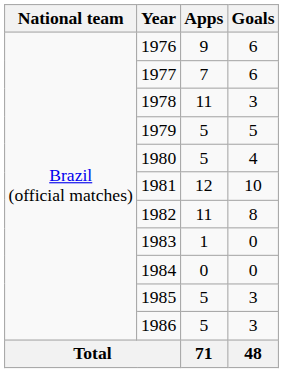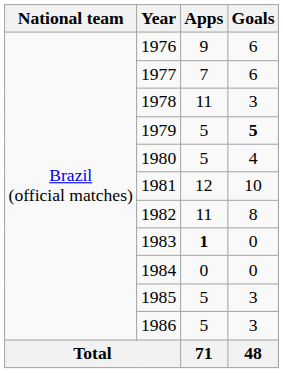 <table class="wikitable" style="text-align:center">
 <tr>
 <th>National team</th>
 <th>Year</th>
 <th>Apps</th>
 <th>Goals</th>
 </tr>
 <tr>
 <td rowspan="11"><a href='#'>Brazil</a><br>(official matches)</td>
 <td>1976</td>
 <td>9</td>
 <td>6</td>
 </tr>
 <tr>
 <td>1977</td>
 <td>7</td>
 <td>6</td>
 </tr>
 <tr>
 <td>1978</td>
 <td>11</td>
 <td>3</td>
 </tr>
 <tr>
 <td>1979</td>
 <td>5</td>
-<td>5</td>
+<td><strong>5</strong></td>
 </tr>
 <tr>
 <td>1980</td>
 <td>5</td>
 <td>4</td>
 </tr>
 <tr>
 <td>1981</td>
 <td>12</td>
 <td>10</td>
 </tr>
 <tr>
 <td>1982</td>
 <td>11</td>
 <td>8</td>
 </tr>
 <tr>
 <td>1983</td>
-<td>1</td>
+<td><strong>1</strong></td>
 <td>0</td>
 </tr>
 <tr>
 <td>1984</td>
 <td>0</td>
 <td>0</td>
 </tr>
 <tr>
 <td>1985</td>
 <td>5</td>
 <td>3</td>
 </tr>
 <tr>
 <td>1986</td>
 <td>5</td>
 <td>3</td>
 </tr>
 <tr>
 <th colspan="2">Total</th>
 <th>71</th>
 <th>48</th>
 </tr>
 </table>
